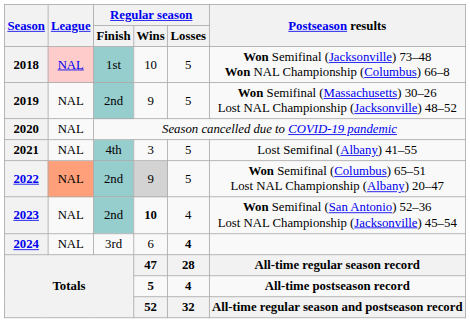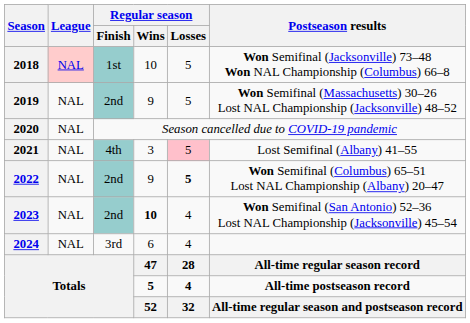 <table class="wikitable" style="text-align:center; font-size: 95%;">
 <tr>
 <th rowspan="2"><a href='#'>Season</a></th>
 <th rowspan="2"><a href='#'>League</a></th>
 <th colspan="3"><a href='#'>Regular season</a></th>
 <th rowspan="2"><a href='#'>Postseason</a> results</th>
 </tr>
 <tr>
 <th>Finish</th>
 <th>Wins</th>
 <th>Losses</th>
 </tr>
 <tr>
 <th>2018</th>
 <td bgcolor="#fcc"><a href='#'>NAL</a></td>
 <td bgcolor="#96cdcd">1st</td>
 <td>10</td>
 <td>5</td>
 <td><strong>Won</strong> Semifinal (<a href='#'>Jacksonville</a>) 73–48<br> <strong>Won</strong>  NAL Championship (<a href='#'>Columbus</a>) 66–8</td>
 </tr>
 <tr>
 <th>2019</th>
 <td>NAL</td>
 <td bgcolor="#96cdcd">2nd</td>
 <td>9</td>
 <td>5</td>
 <td><strong>Won</strong> Semifinal (<a href='#'>Massachusetts</a>) 30–26<br> Lost NAL Championship (<a href='#'>Jacksonville</a>) 48–52</td>
 </tr>
 <tr>
 <th>2020</th>
 <td>NAL</td>
 <td colspan=6><em>Season cancelled due to <a href='#'>COVID-19 pandemic</a></em></td>
 </tr>
 <tr>
 <th>2021</th>
 <td>NAL</td>
 <td bgcolor="#96cdcd">4th</td>
 <td>3</td>
-<td>5</td>
+<td style="background: pink;">5</td>
 <td>Lost Semifinal (<a href='#'>Albany</a>) 41–55</td>
 </tr>
 <tr>
 <th><a href='#'>2022</a></th>
-<td style="background: lightsalmon;">NAL</td>
+<td>NAL</td>
 <td bgcolor="#96cdcd">2nd</td>
-<td style="background: lightgrey;">9</td>
-<td>5</td>
+<td>9</td>
+<td><strong>5</strong></td>
 <td><strong>Won</strong> Semifinal (<a href='#'>Columbus</a>) 65–51<br> Lost NAL Championship (<a href='#'>Albany</a>) 20–47</td>
 </tr>
 <tr>
 <th><a href='#'>2023</a></th>
 <td>NAL</td>
 <td bgcolor="#96cdcd">2nd</td>
 <td><strong>10</strong></td>
 <td>4</td>
 <td><strong>Won</strong> Semifinal (<a href='#'>San Antonio</a>) 52–36<br> Lost NAL Championship (<a href='#'>Jacksonville</a>) 45–54</td>
 </tr>
 <tr>
 <th><a href='#'>2024</a></th>
 <td>NAL</td>
 <td>3rd</td>
 <td>6</td>
-<td><strong>4</strong></td>
+<td>4</td>
 <td></td>
 </tr>
 <tr>
 <th rowspan="3" colspan="3">Totals</th>
 <th>47</th>
 <th>28</th>
 <th>All-time regular season record</th>
 </tr>
 <tr>
 <td><strong>5</strong></td>
 <td><strong>4</strong></td>
 <td><strong>All-time postseason record</strong></td>
 </tr>
 <tr>
 <th>52</th>
 <th>32</th>
 <th>All-time regular season and postseason record</th>
 </tr>
 </table>
